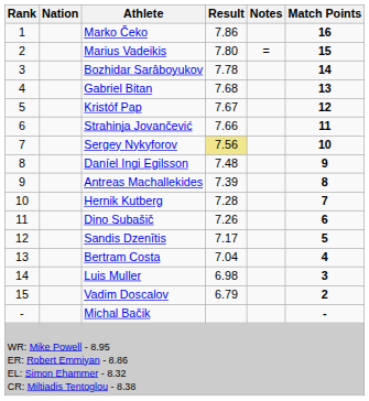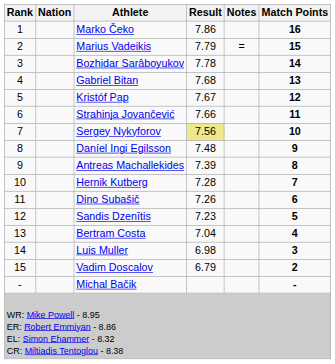 <table class="wikitable sortable" style="text-align:left;">
 <tr>
 <th>Rank</th>
 <th>Nation</th>
 <th>Athlete</th>
 <th>Result</th>
 <th>Notes</th>
 <th>Match Points</th>
 </tr>
 <tr>
 <td align=center>1</td>
 <td></td>
 <td><a href='#'>Marko Čeko</a></td>
 <td align=center>7.86</td>
 <td align=center></td>
 <td align=center><strong>16</strong></td>
 </tr>
 <tr>
 <td align=center>2</td>
 <td></td>
 <td><a href='#'>Marius Vadeikis</a></td>
-<td align=center>7.80</td>
+<td align=center>7.79</td>
 <td align=center>=</td>
 <td align=center><strong>15</strong></td>
 </tr>
 <tr>
 <td align=center>3</td>
 <td></td>
 <td><a href='#'>Bozhidar Sarâboyukov</a></td>
 <td align=center>7.78</td>
 <td></td>
 <td align=center><strong>14</strong></td>
 </tr>
 <tr>
 <td align=center>4</td>
 <td></td>
 <td><a href='#'>Gabriel Bitan</a></td>
 <td align=center>7.68</td>
 <td></td>
 <td align=center><strong>13</strong></td>
 </tr>
 <tr>
 <td align=center>5</td>
 <td></td>
 <td><a href='#'>Kristóf Pap</a></td>
 <td align=center>7.67</td>
 <td></td>
 <td align=center><strong>12</strong></td>
 </tr>
 <tr>
 <td align=center>6</td>
 <td></td>
 <td><a href='#'>Strahinja Jovančević</a></td>
 <td align=center>7.66</td>
 <td></td>
 <td align=center><strong>11</strong></td>
 </tr>
 <tr>
 <td align=center>7</td>
 <td></td>
 <td><a href='#'>Sergey Nykyforov</a></td>
 <td align=center style="background: khaki;">7.56</td>
 <td></td>
 <td align=center><strong>10</strong></td>
 </tr>
 <tr>
 <td align=center>8</td>
 <td></td>
 <td><a href='#'>Daníel Ingi Egilsson</a></td>
 <td align=center>7.48</td>
 <td></td>
 <td align=center><strong>9</strong></td>
 </tr>
 <tr>
 <td align=center>9</td>
 <td></td>
 <td><a href='#'>Antreas Machallekides</a></td>
 <td align=center>7.39</td>
 <td></td>
 <td align=center><strong>8</strong></td>
 </tr>
 <tr>
 <td align=center>10</td>
 <td></td>
 <td><a href='#'>Hernik Kutberg</a></td>
 <td align=center>7.28</td>
 <td align=center></td>
 <td align=center><strong>7</strong></td>
 </tr>
 <tr>
 <td align=center>11</td>
 <td></td>
 <td><a href='#'>Dino Subašič</a></td>
 <td align=center>7.26</td>
 <td></td>
 <td align=center><strong>6</strong></td>
 </tr>
 <tr>
 <td align=center>12</td>
 <td></td>
 <td><a href='#'>Sandis Dzenītis</a></td>
-<td align=center>7.17</td>
+<td align=center>7.23</td>
 <td></td>
 <td align=center><strong>5</strong></td>
 </tr>
 <tr>
 <td align=center>13</td>
 <td></td>
 <td><a href='#'>Bertram Costa</a></td>
 <td align=center>7.04</td>
 <td></td>
 <td align=center><strong>4</strong></td>
 </tr>
 <tr>
 <td align=center>14</td>
 <td></td>
 <td><a href='#'>Luis Muller</a></td>
 <td align=center>6.98</td>
 <td align=center></td>
 <td align=center><strong>3</strong></td>
 </tr>
 <tr>
 <td align=center>15</td>
 <td></td>
 <td><a href='#'>Vadim Doscalov</a></td>
 <td align=center>6.79</td>
 <td align=center></td>
 <td align=center><strong>2</strong></td>
 </tr>
 <tr>
 <td align=center>-</td>
 <td></td>
 <td><a href='#'>Michal Bačik</a></td>
 <td align=center></td>
 <td></td>
 <td align=center><strong>-</strong></td>
 </tr>
 <tr>
 <td colspan="6" bgcolor="#cccccc"><br> <small>WR:   <a href='#'>Mike Powell</a> - 8.95<br>ER:  <a href='#'>Robert Emmiyan</a> - 8.86<br></small> <small>EL:   <a href='#'>Simon Ehammer</a> - 8.32<br>CR:  <a href='#'>Miltiadis Tentoglou</a> - 8.38</small></td>
 </tr>
 </table>
